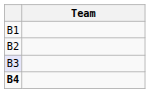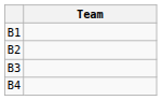 <table class="wikitable" style="display:inline-table;">
 <tr>
 <th></th>
 <th width=150>Team</th>
 </tr>
 <tr>
 <td align=center>B1</td>
 <td></td>
 </tr>
 <tr>
 <td align=center>B2</td>
 <td></td>
 </tr>
 <tr>
-<td align=center style="background: lavender;">B3</td>
+<td align=center>B3</td>
 <td></td>
 </tr>
 <tr>
-<td align=center><strong>B4</strong></td>
+<td align=center>B4</td>
 <td></td>
 </tr>
 </table>
